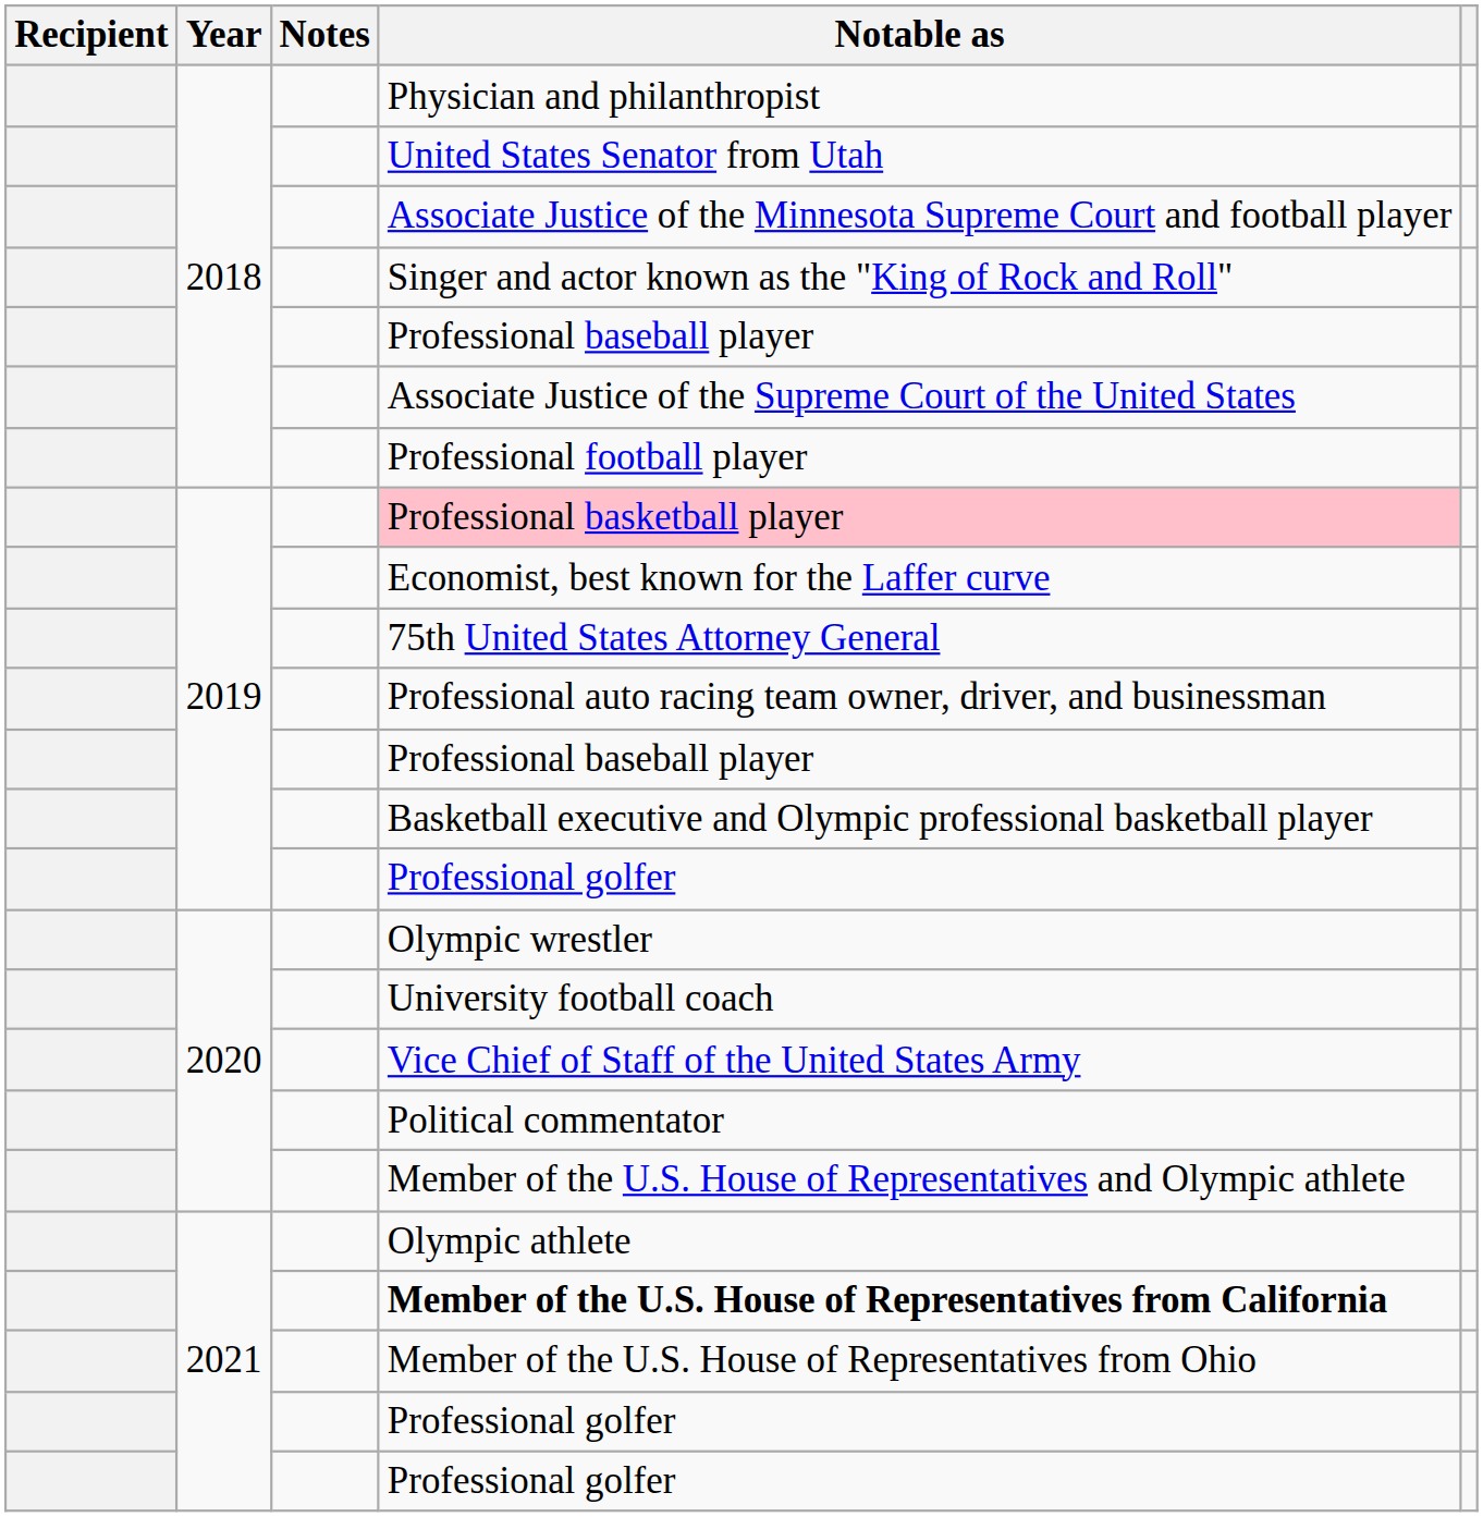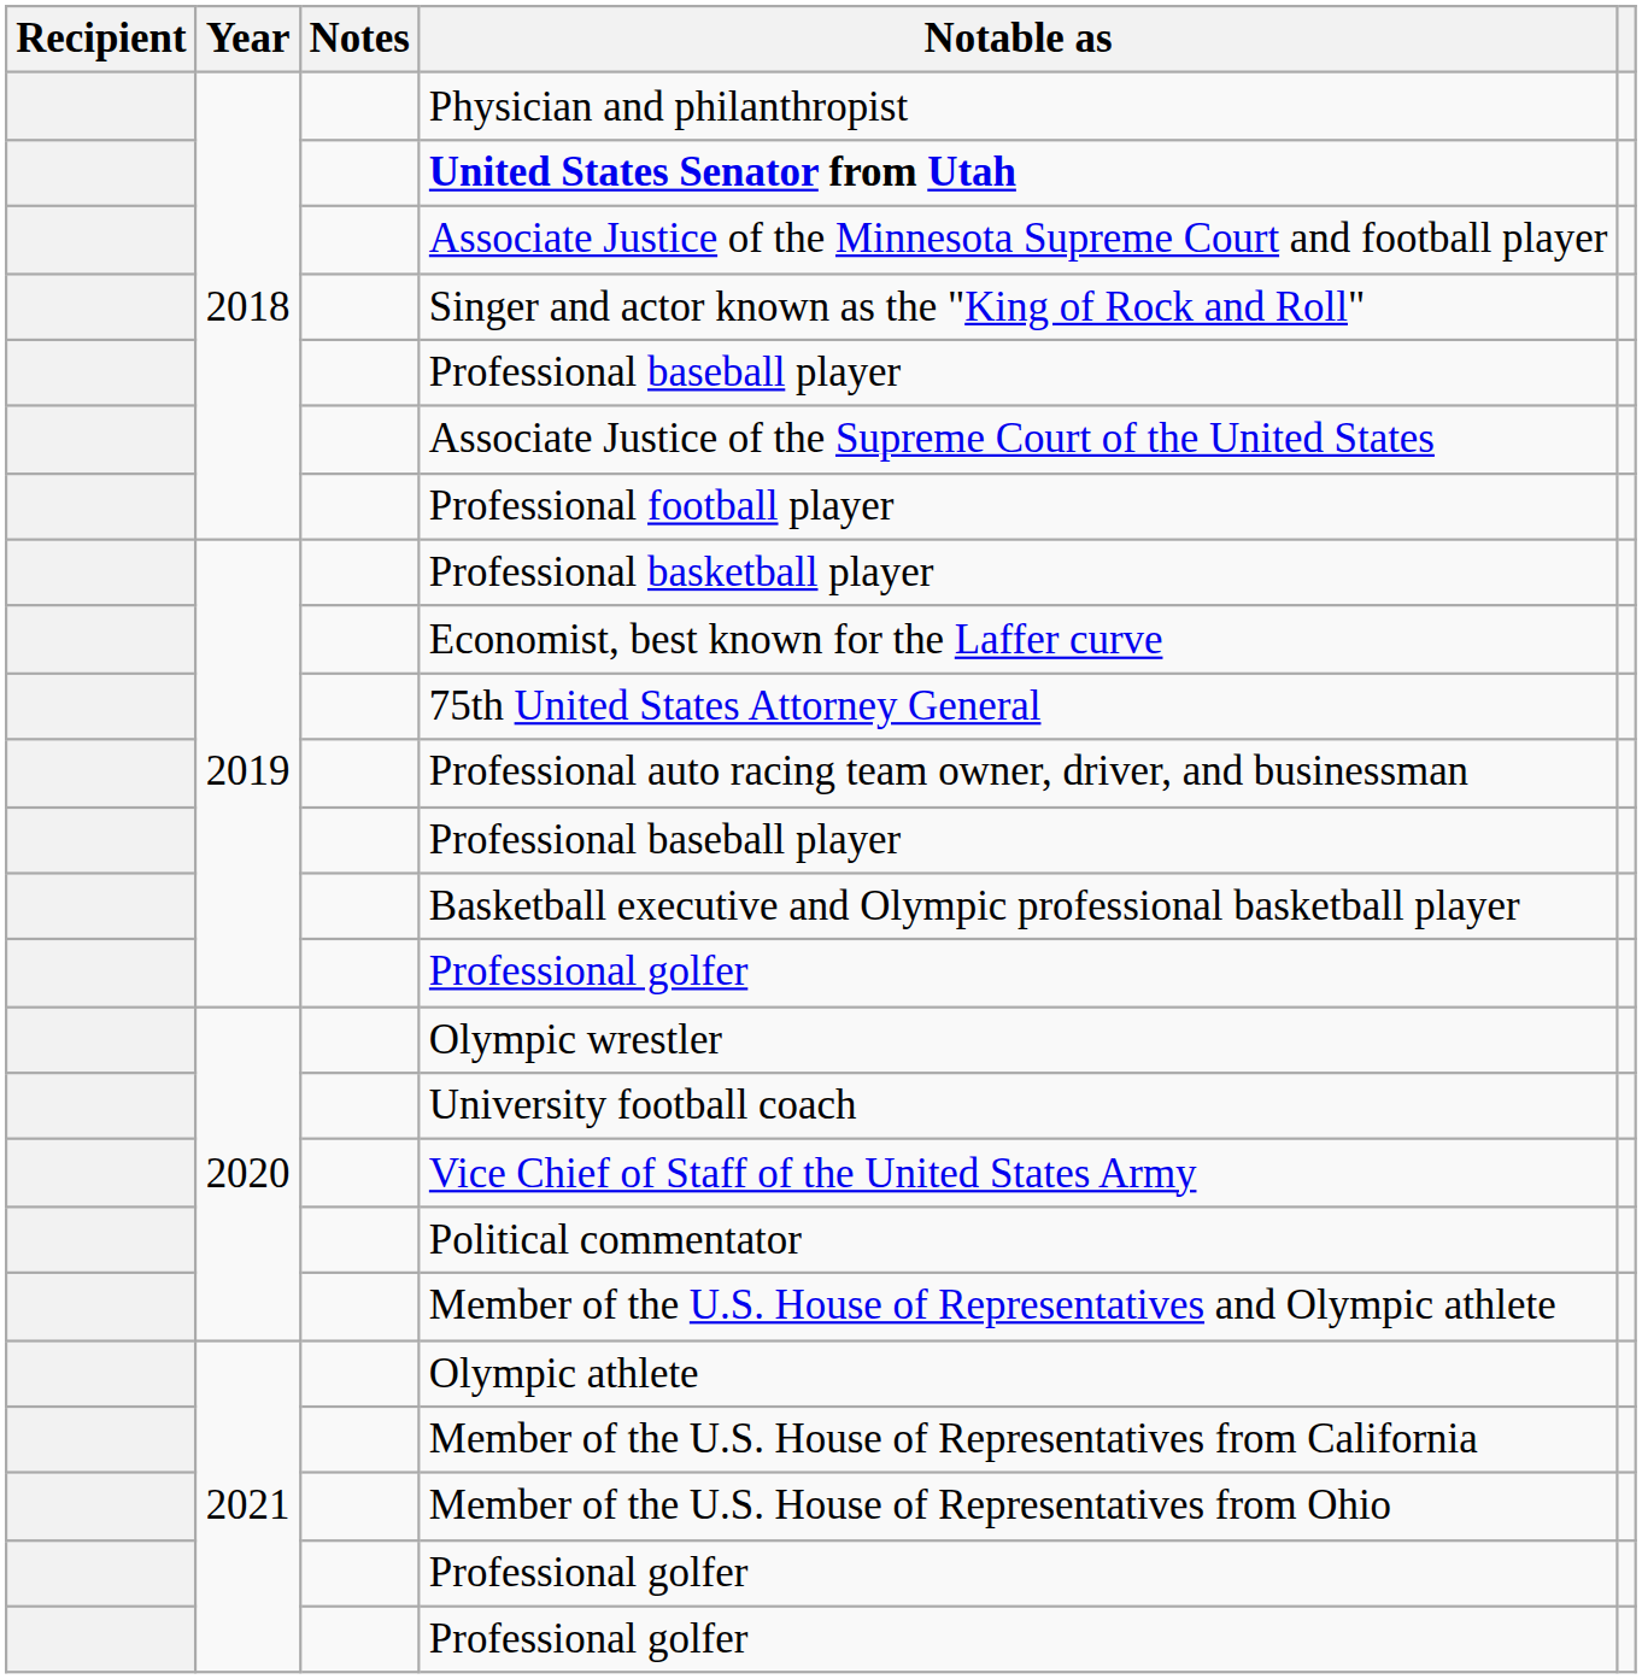 <table class="wikitable sortable plainrowheaders">
 <tr>
 <th>Recipient</th>
 <th>Year</th>
 <th>Notes</th>
 <th>Notable as</th>
 <th class="unsortable"></th>
 </tr>
 <tr>
 <th scope="row"></th>
 <td rowspan="7">2018</td>
 <td></td>
 <td>Physician and philanthropist</td>
 <td></td>
 </tr>
 <tr>
 <th scope="row"></th>
 <td></td>
-<td><a href='#'>United States Senator</a> from <a href='#'>Utah</a></td>
+<td><strong><a href='#'>United States Senator</a> from <a href='#'>Utah</a></strong></td>
 <td></td>
 </tr>
 <tr>
 <th scope="row"></th>
 <td></td>
 <td><a href='#'>Associate Justice</a> of the <a href='#'>Minnesota Supreme Court</a> and football player</td>
 <td></td>
 </tr>
 <tr>
 <th scope="row"></th>
 <td></td>
 <td>Singer and actor known as the "<a href='#'>King of Rock and Roll</a>"</td>
 <td></td>
 </tr>
 <tr>
 <th scope="row"></th>
 <td></td>
 <td>Professional <a href='#'>baseball</a> player</td>
 <td></td>
 </tr>
 <tr>
 <th scope="row"></th>
 <td></td>
 <td>Associate Justice of the <a href='#'>Supreme Court of the United States</a></td>
 <td></td>
 </tr>
 <tr>
 <th scope="row"></th>
 <td></td>
 <td>Professional <a href='#'>football</a> player</td>
 <td></td>
 </tr>
 <tr>
 <th scope="row"></th>
 <td rowspan="7">2019</td>
 <td></td>
-<td style="background: pink;">Professional <a href='#'>basketball</a> player</td>
+<td>Professional <a href='#'>basketball</a> player</td>
 <td></td>
 </tr>
 <tr>
 <th scope="row"></th>
 <td></td>
 <td>Economist, best known for the <a href='#'>Laffer curve</a></td>
 <td></td>
 </tr>
 <tr>
 <th scope="row"></th>
 <td></td>
 <td>75th <a href='#'>United States Attorney General</a></td>
 <td></td>
 </tr>
 <tr>
 <th scope="row"></th>
 <td></td>
 <td>Professional auto racing team owner, driver, and businessman</td>
 <td></td>
 </tr>
 <tr>
 <th scope="row"></th>
 <td></td>
 <td>Professional baseball player</td>
 <td></td>
 </tr>
 <tr>
 <th scope="row"></th>
 <td></td>
 <td>Basketball executive and Olympic professional basketball player</td>
 <td></td>
 </tr>
 <tr>
 <th scope="row"></th>
 <td></td>
 <td><a href='#'>Professional golfer</a></td>
 <td></td>
 </tr>
 <tr>
 <th scope="row"></th>
 <td rowspan="5">2020</td>
 <td></td>
 <td>Olympic wrestler</td>
 <td></td>
 </tr>
 <tr>
 <th scope="row"></th>
 <td></td>
 <td>University football coach</td>
 <td></td>
 </tr>
 <tr>
 <th scope="row"></th>
 <td></td>
 <td><a href='#'>Vice Chief of Staff of the United States Army</a></td>
 <td></td>
 </tr>
 <tr>
 <th scope="row"></th>
 <td></td>
 <td>Political commentator</td>
 <td></td>
 </tr>
 <tr>
 <th scope="row"></th>
 <td></td>
 <td>Member of the <a href='#'>U.S. House of Representatives</a> and Olympic athlete</td>
 <td></td>
 </tr>
 <tr>
 <th scope="row"></th>
 <td rowspan="5">2021</td>
 <td></td>
 <td>Olympic athlete</td>
 <td></td>
 </tr>
 <tr>
 <th scope="row"></th>
 <td></td>
-<td><strong>Member of the U.S. House of Representatives from California</strong></td>
+<td>Member of the U.S. House of Representatives from California</td>
 <td></td>
 </tr>
 <tr>
 <th scope="row"></th>
 <td></td>
 <td>Member of the U.S. House of Representatives from Ohio</td>
 <td></td>
 </tr>
 <tr>
 <th scope="row"></th>
 <td></td>
 <td>Professional golfer</td>
 <td></td>
 </tr>
 <tr>
 <th scope="row"></th>
 <td></td>
 <td>Professional golfer</td>
 <td></td>
 </tr>
 </table>
